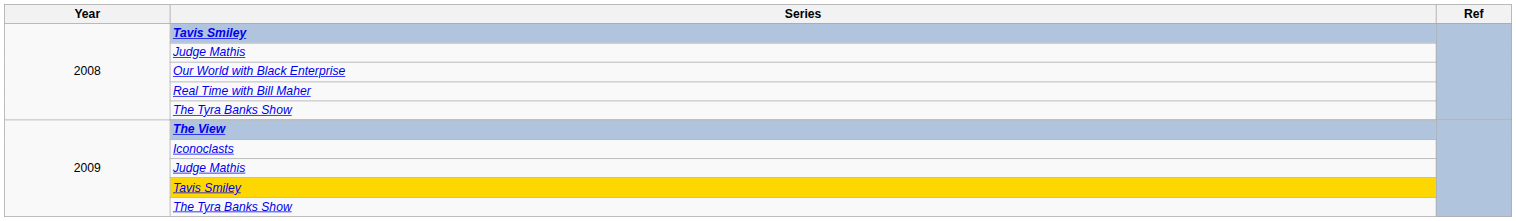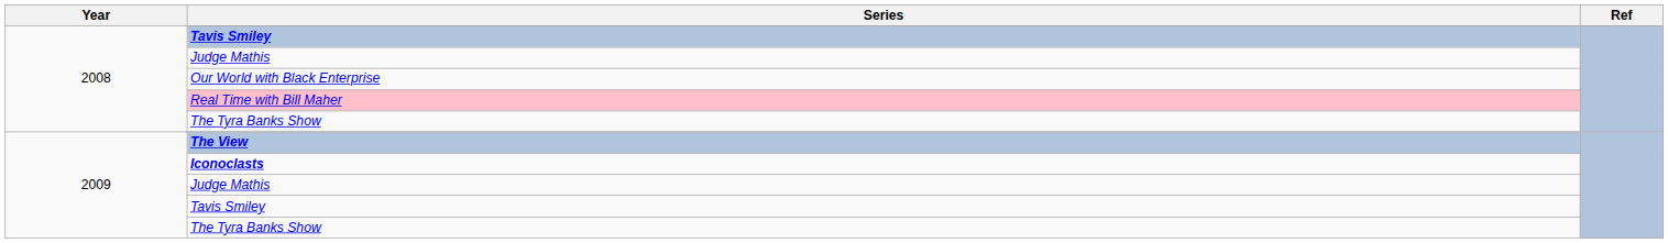 <table class="wikitable" style="width:100%;">
 <tr style="background:#bebebe;">
 <th style="width:11%;">Year</th>
 <th style="width:84%;">Series</th>
 <th style="width:5%;">Ref</th>
 </tr>
 <tr>
 <td rowspan="6" align="center">2008</td>
 </tr>
 <tr style="background:#B0C4DE">
 <td><strong><em><a href='#'>Tavis Smiley</a></em></strong></td>
 <td rowspan="6" align="center"></td>
 </tr>
 <tr>
 <td><em><a href='#'>Judge Mathis</a></em></td>
 </tr>
 <tr>
 <td><em><a href='#'>Our World with Black Enterprise</a></em></td>
 </tr>
 <tr>
-<td><em><a href='#'>Real Time with Bill Maher</a></em></td>
+<td style="background: pink;"><em><a href='#'>Real Time with Bill Maher</a></em></td>
 </tr>
 <tr>
 <td><em><a href='#'>The Tyra Banks Show</a></em></td>
 </tr>
 <tr>
 <td rowspan="6" align="center">2009</td>
 </tr>
 <tr style="background:#B0C4DE">
 <td><strong><em><a href='#'>The View</a></em></strong></td>
 <td rowspan="6" align="center"></td>
 </tr>
 <tr>
-<td><em><a href='#'>Iconoclasts</a></em></td>
+<td><strong><em><a href='#'>Iconoclasts</a></em></strong></td>
 </tr>
 <tr>
 <td><em><a href='#'>Judge Mathis</a></em></td>
 </tr>
 <tr>
-<td style="background: gold;"><em><a href='#'>Tavis Smiley</a></em></td>
+<td><em><a href='#'>Tavis Smiley</a></em></td>
 </tr>
 <tr>
 <td><em><a href='#'>The Tyra Banks Show</a></em></td>
 </tr>
 </table>
